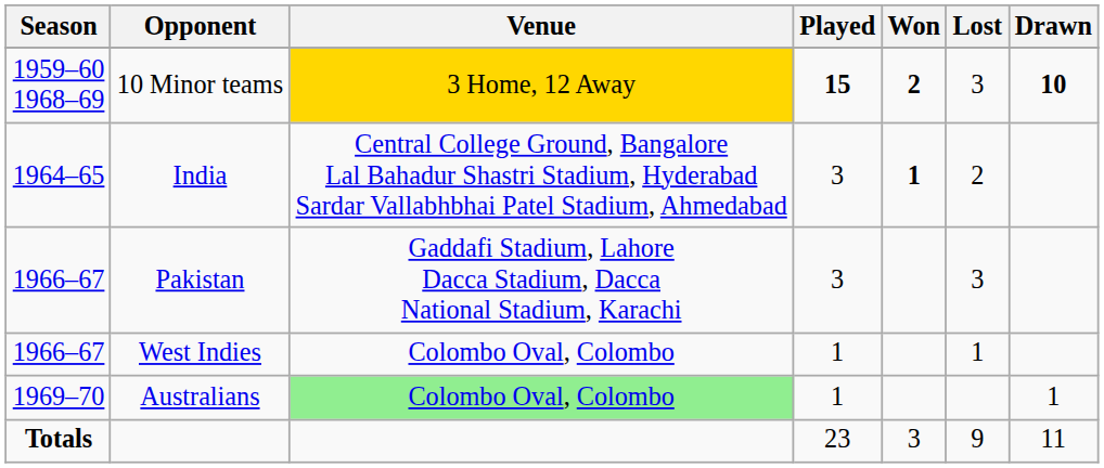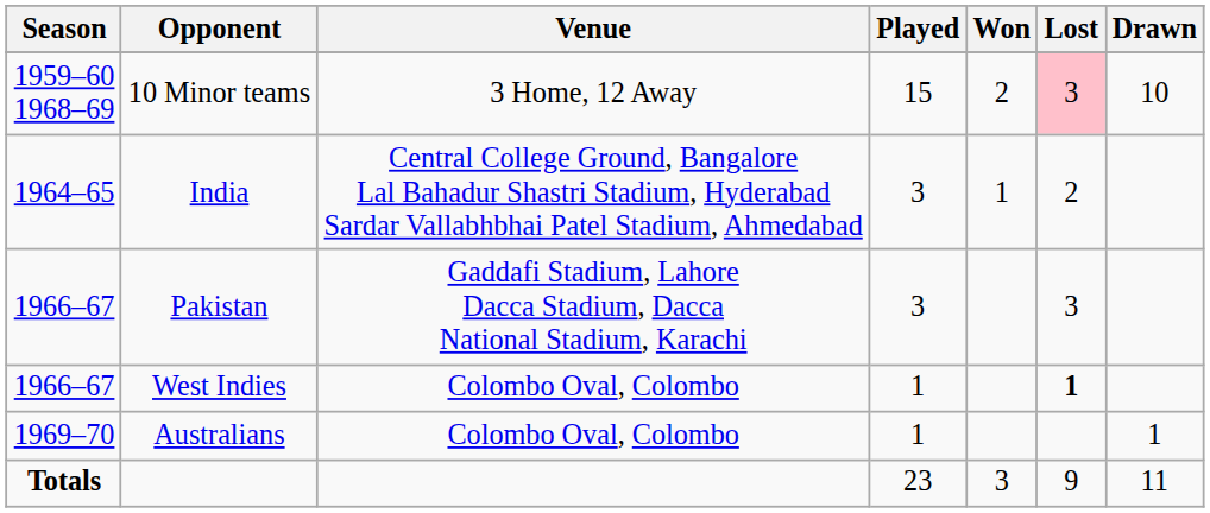 <table style="text-align:center; float:right; font-size:85%; margin-left:2em; margin:auto;"  class="wikitable">
 <tr>
 <th>Season</th>
 <th>Opponent</th>
 <th>Venue</th>
 <th>Played</th>
 <th>Won</th>
 <th>Lost</th>
 <th>Drawn</th>
 </tr>
 <tr>
 </tr>
 <tr>
 <td><a href='#'>1959–60</a><br><a href='#'>1968–69</a></td>
 <td>10 Minor teams</td>
-<td style="background: gold;">3 Home, 12 Away</td>
-<td><strong>15</strong></td>
-<td><strong>2</strong></td>
-<td>3</td>
-<td><strong>10</strong></td>
+<td>3 Home, 12 Away</td>
+<td>15</td>
+<td>2</td>
+<td style="background: pink;">3</td>
+<td>10</td>
 </tr>
 <tr>
 <td><a href='#'>1964–65</a></td>
 <td><a href='#'>India</a></td>
 <td><a href='#'>Central College Ground</a>, <a href='#'>Bangalore</a><br><a href='#'>Lal Bahadur Shastri Stadium</a>, <a href='#'>Hyderabad</a><br><a href='#'>Sardar Vallabhbhai Patel Stadium</a>, <a href='#'>Ahmedabad</a></td>
 <td>3</td>
-<td><strong>1</strong></td>
+<td>1</td>
 <td>2</td>
 <td></td>
 </tr>
 <tr>
 <td><a href='#'>1966–67</a></td>
 <td><a href='#'>Pakistan</a></td>
 <td><a href='#'>Gaddafi Stadium</a>, <a href='#'>Lahore</a><br><a href='#'>Dacca Stadium</a>, <a href='#'>Dacca</a><br><a href='#'>National Stadium</a>, <a href='#'>Karachi</a></td>
 <td>3</td>
 <td></td>
 <td>3</td>
 <td></td>
 </tr>
 <tr>
 <td><a href='#'>1966–67</a></td>
 <td><a href='#'>West Indies</a></td>
 <td><a href='#'>Colombo Oval</a>, <a href='#'>Colombo</a></td>
 <td>1</td>
 <td></td>
-<td>1</td>
+<td><strong>1</strong></td>
 <td></td>
 </tr>
 <tr>
 <td><a href='#'>1969–70</a></td>
 <td><a href='#'>Australians</a></td>
-<td style="background: lightgreen;"><a href='#'>Colombo Oval</a>, <a href='#'>Colombo</a></td>
+<td><a href='#'>Colombo Oval</a>, <a href='#'>Colombo</a></td>
 <td>1</td>
 <td></td>
 <td></td>
 <td>1</td>
 </tr>
 <tr>
 <td><strong>Totals</strong></td>
 <td></td>
 <td></td>
 <td>23</td>
 <td>3</td>
 <td>9</td>
 <td>11</td>
 </tr>
 </table>
